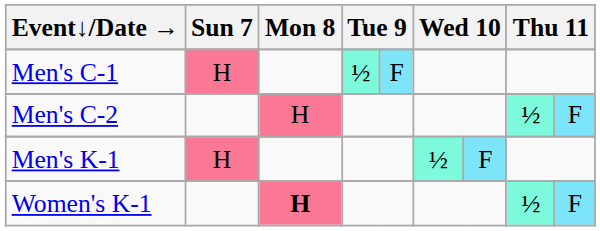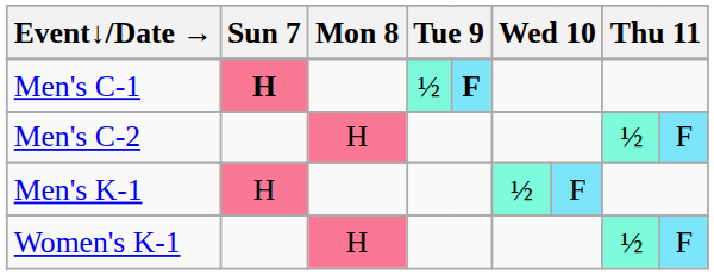 <table class="wikitable" style="margin:0.5em auto; font-size:90%; line-height:1.25em;text-align:center;">
 <tr>
 <th>Event↓/Date →</th>
 <th>Sun 7</th>
 <th>Mon 8</th>
 <th colspan="2">Tue 9</th>
 <th colspan="2">Wed 10</th>
 <th colspan="2">Thu 11</th>
 </tr>
 <tr>
 </tr>
 <tr>
 <td style="text-align:left;"><a href='#'>Men's C-1</a></td>
-<td style="background-color:#FA7894;">H</td>
+<td style="background-color:#FA7894;"><strong>H</strong></td>
 <td></td>
 <td style="background-color:#7DFADB;">½</td>
-<td style="background-color:#7DE5FA;">F</td>
+<td style="background-color:#7DE5FA;"><strong>F</strong></td>
 <td colspan="2"></td>
 <td colspan="2"></td>
 </tr>
 <tr>
 </tr>
 <tr>
 <td style="text-align:left;"><a href='#'>Men's C-2</a></td>
 <td></td>
 <td style="background-color:#FA7894;">H</td>
 <td colspan="2"></td>
 <td colspan="2"></td>
 <td style="background-color:#7DFADB;">½</td>
 <td style="background-color:#7DE5FA;">F</td>
 </tr>
 <tr>
 </tr>
 <tr>
 <td style="text-align:left;"><a href='#'>Men's K-1</a></td>
 <td style="background-color:#FA7894;">H</td>
 <td></td>
 <td colspan="2"></td>
 <td style="background-color:#7DFADB;">½</td>
 <td style="background-color:#7DE5FA;">F</td>
 <td colspan="2"></td>
 </tr>
 <tr>
 </tr>
 <tr>
 <td style="text-align:left;"><a href='#'>Women's K-1</a></td>
 <td></td>
-<td style="background-color:#FA7894;"><strong>H</strong></td>
+<td style="background-color:#FA7894;">H</td>
 <td colspan="2"></td>
 <td colspan="2"></td>
 <td style="background-color:#7DFADB;">½</td>
 <td style="background-color:#7DE5FA;">F</td>
 </tr>
 </table>
